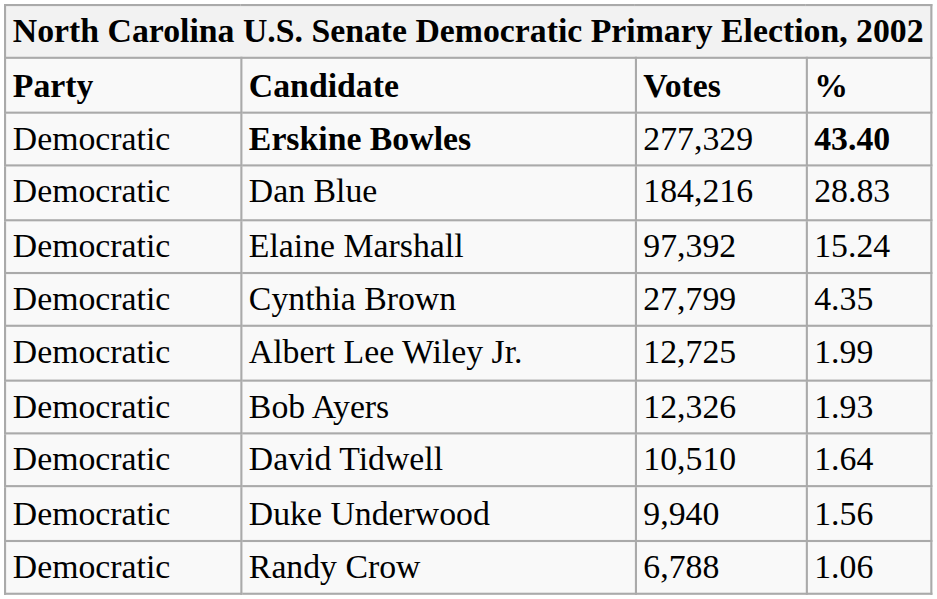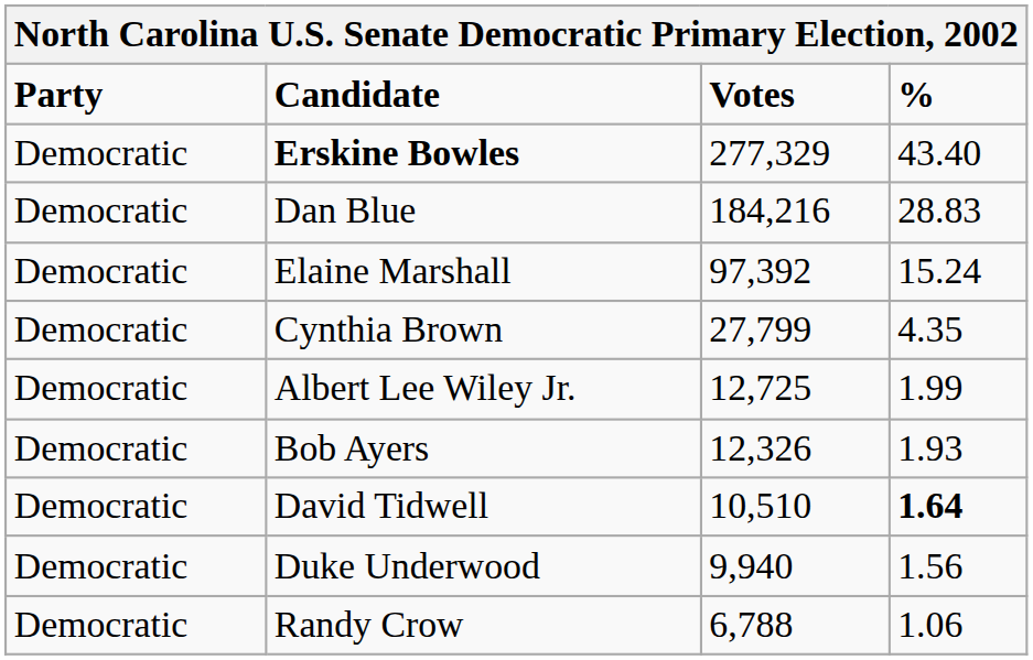 <table class="wikitable">
 <tr>
 <th colspan="4">North Carolina U.S. Senate Democratic Primary Election, 2002</th>
 </tr>
 <tr>
 <td><strong>Party</strong></td>
 <td><strong>Candidate</strong></td>
 <td><strong>Votes</strong></td>
 <td><strong>%</strong></td>
 </tr>
 <tr>
 <td>Democratic</td>
 <td><strong>Erskine Bowles</strong></td>
 <td>277,329</td>
-<td><strong>43.40</strong></td>
+<td>43.40</td>
 </tr>
 <tr>
 <td>Democratic</td>
 <td>Dan Blue</td>
 <td>184,216</td>
 <td>28.83</td>
 </tr>
 <tr>
 <td>Democratic</td>
 <td>Elaine Marshall</td>
 <td>97,392</td>
 <td>15.24</td>
 </tr>
 <tr>
 <td>Democratic</td>
 <td>Cynthia Brown</td>
 <td>27,799</td>
 <td>4.35</td>
 </tr>
 <tr>
 <td>Democratic</td>
 <td>Albert Lee Wiley Jr.</td>
 <td>12,725</td>
 <td>1.99</td>
 </tr>
 <tr>
 <td>Democratic</td>
 <td>Bob Ayers</td>
 <td>12,326</td>
 <td>1.93</td>
 </tr>
 <tr>
 <td>Democratic</td>
 <td>David Tidwell</td>
 <td>10,510</td>
-<td>1.64</td>
+<td><strong>1.64</strong></td>
 </tr>
 <tr>
 <td>Democratic</td>
 <td>Duke Underwood</td>
 <td>9,940</td>
 <td>1.56</td>
 </tr>
 <tr>
 <td>Democratic</td>
 <td>Randy Crow</td>
 <td>6,788</td>
 <td>1.06</td>
 </tr>
 </table>
